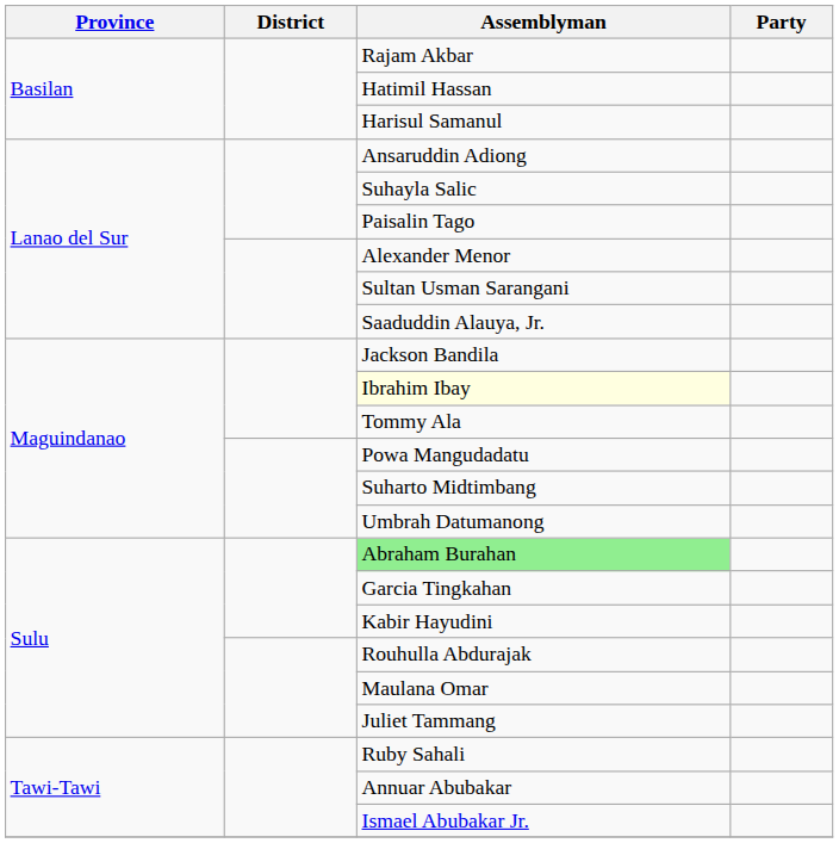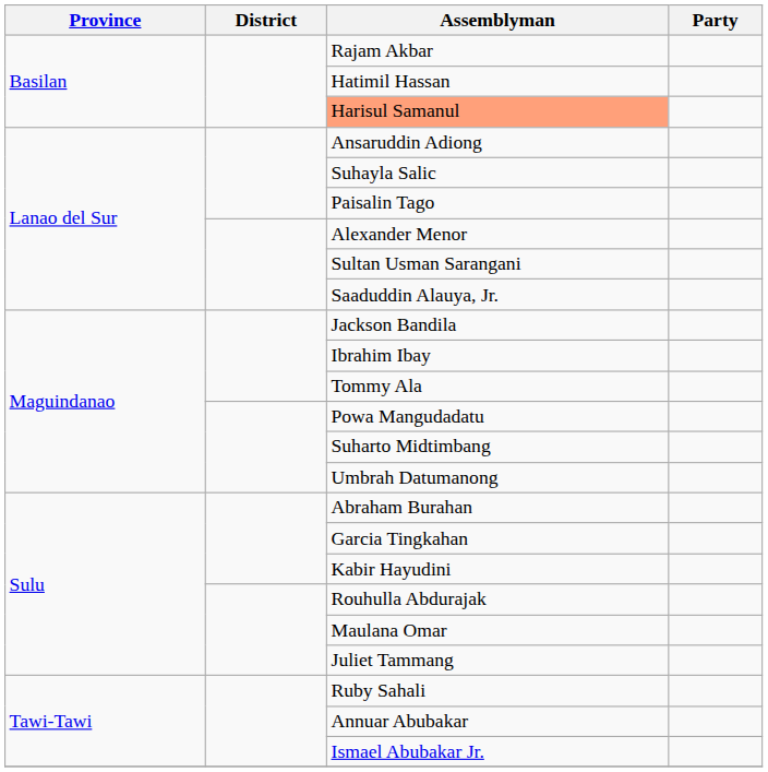 <table class="wikitable" width=50%; colspan= 4>
 <tr>
 <th><a href='#'>Province</a></th>
 <th>District</th>
 <th>Assemblyman</th>
 <th>Party</th>
 </tr>
 <tr>
 <td rowspan=3><a href='#'>Basilan</a></td>
 <td rowspan=3></td>
 <td>Rajam Akbar</td>
 <td></td>
 </tr>
 <tr>
 <td>Hatimil Hassan</td>
 <td></td>
 </tr>
 <tr>
-<td>Harisul Samanul</td>
+<td style="background: lightsalmon;">Harisul Samanul</td>
 <td></td>
 </tr>
 <tr>
 <td rowspan=6><a href='#'>Lanao del Sur</a></td>
 <td rowspan=3></td>
 <td>Ansaruddin Adiong</td>
 <td></td>
 </tr>
 <tr>
 <td>Suhayla Salic</td>
 <td></td>
 </tr>
 <tr>
 <td>Paisalin Tago</td>
 <td></td>
 </tr>
 <tr>
 <td rowspan=3></td>
 <td>Alexander Menor</td>
 <td></td>
 </tr>
 <tr>
 <td>Sultan Usman Sarangani</td>
 <td></td>
 </tr>
 <tr>
 <td>Saaduddin Alauya, Jr.</td>
 <td></td>
 </tr>
 <tr>
 <td rowspan=6><a href='#'>Maguindanao</a></td>
 <td rowspan=3></td>
 <td>Jackson Bandila</td>
 <td></td>
 </tr>
 <tr>
-<td style="background: lightyellow;">Ibrahim Ibay</td>
+<td>Ibrahim Ibay</td>
 <td></td>
 </tr>
 <tr>
 <td>Tommy Ala</td>
 <td></td>
 </tr>
 <tr>
 <td rowspan=3></td>
 <td>Powa Mangudadatu</td>
 <td></td>
 </tr>
 <tr>
 <td>Suharto Midtimbang</td>
 <td></td>
 </tr>
 <tr>
 <td>Umbrah Datumanong</td>
 <td></td>
 </tr>
 <tr>
 <td rowspan=6><a href='#'>Sulu</a></td>
 <td rowspan=3></td>
-<td style="background: lightgreen;">Abraham Burahan</td>
+<td>Abraham Burahan</td>
 <td></td>
 </tr>
 <tr>
 <td>Garcia Tingkahan</td>
 <td></td>
 </tr>
 <tr>
 <td>Kabir Hayudini</td>
 <td></td>
 </tr>
 <tr>
 <td rowspan=3></td>
 <td>Rouhulla Abdurajak</td>
 <td></td>
 </tr>
 <tr>
 <td>Maulana Omar</td>
 <td></td>
 </tr>
 <tr>
 <td>Juliet Tammang</td>
 <td></td>
 </tr>
 <tr>
 <td rowspan=3><a href='#'>Tawi-Tawi</a></td>
 <td rowspan=3></td>
 <td>Ruby Sahali</td>
 <td></td>
 </tr>
 <tr>
 <td>Annuar Abubakar</td>
 <td></td>
 </tr>
 <tr>
 <td><a href='#'>Ismael Abubakar Jr.</a></td>
 <td></td>
 </tr>
 <tr>
 </tr>
 </table>
